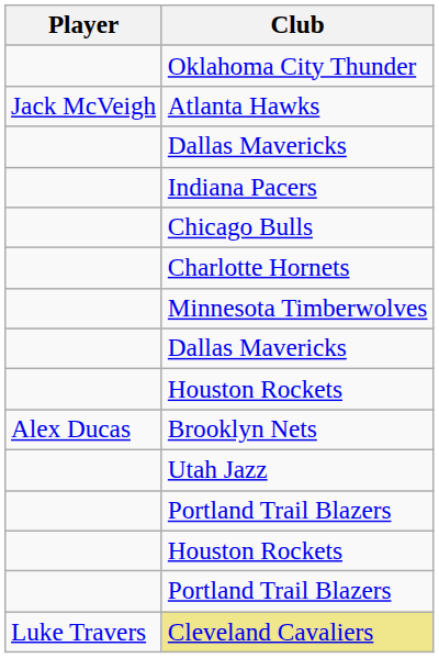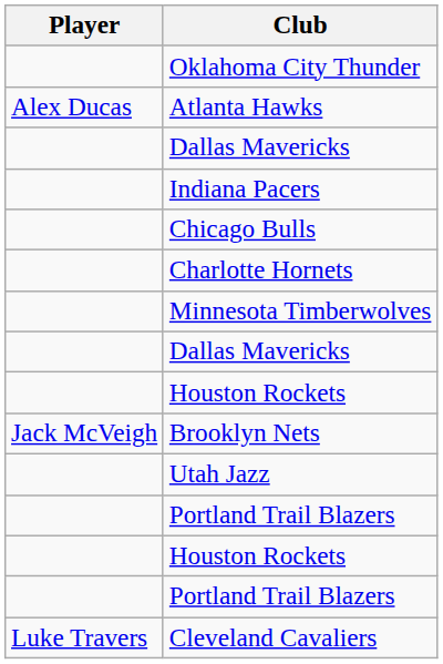 <table class="wikitable sortable">
 <tr>
 <th>Player</th>
 <th>Club</th>
 </tr>
 <tr>
 <td></td>
 <td><a href='#'>Oklahoma City Thunder</a></td>
 </tr>
 <tr>
-<td><a href='#'>Jack McVeigh</a></td>
+<td><a href='#'>Alex Ducas</a></td>
 <td><a href='#'>Atlanta Hawks</a></td>
 </tr>
 <tr>
 <td></td>
 <td><a href='#'>Dallas Mavericks</a></td>
 </tr>
 <tr>
 <td></td>
 <td><a href='#'>Indiana Pacers</a></td>
 </tr>
 <tr>
 <td></td>
 <td><a href='#'>Chicago Bulls</a></td>
 </tr>
 <tr>
 <td></td>
 <td><a href='#'>Charlotte Hornets</a></td>
 </tr>
 <tr>
 <td></td>
 <td><a href='#'>Minnesota Timberwolves</a></td>
 </tr>
 <tr>
 <td></td>
 <td><a href='#'>Dallas Mavericks</a></td>
 </tr>
 <tr>
 <td></td>
 <td><a href='#'>Houston Rockets</a></td>
 </tr>
 <tr>
-<td><a href='#'>Alex Ducas</a></td>
+<td><a href='#'>Jack McVeigh</a></td>
 <td><a href='#'>Brooklyn Nets</a></td>
 </tr>
 <tr>
 <td></td>
 <td><a href='#'>Utah Jazz</a></td>
 </tr>
 <tr>
 <td></td>
 <td><a href='#'>Portland Trail Blazers</a></td>
 </tr>
 <tr>
 <td></td>
 <td><a href='#'>Houston Rockets</a></td>
 </tr>
 <tr>
 <td></td>
 <td><a href='#'>Portland Trail Blazers</a></td>
 </tr>
 <tr>
 <td><a href='#'>Luke Travers</a></td>
-<td style="background: khaki;"><a href='#'>Cleveland Cavaliers</a></td>
+<td><a href='#'>Cleveland Cavaliers</a></td>
 </tr>
 </table>
